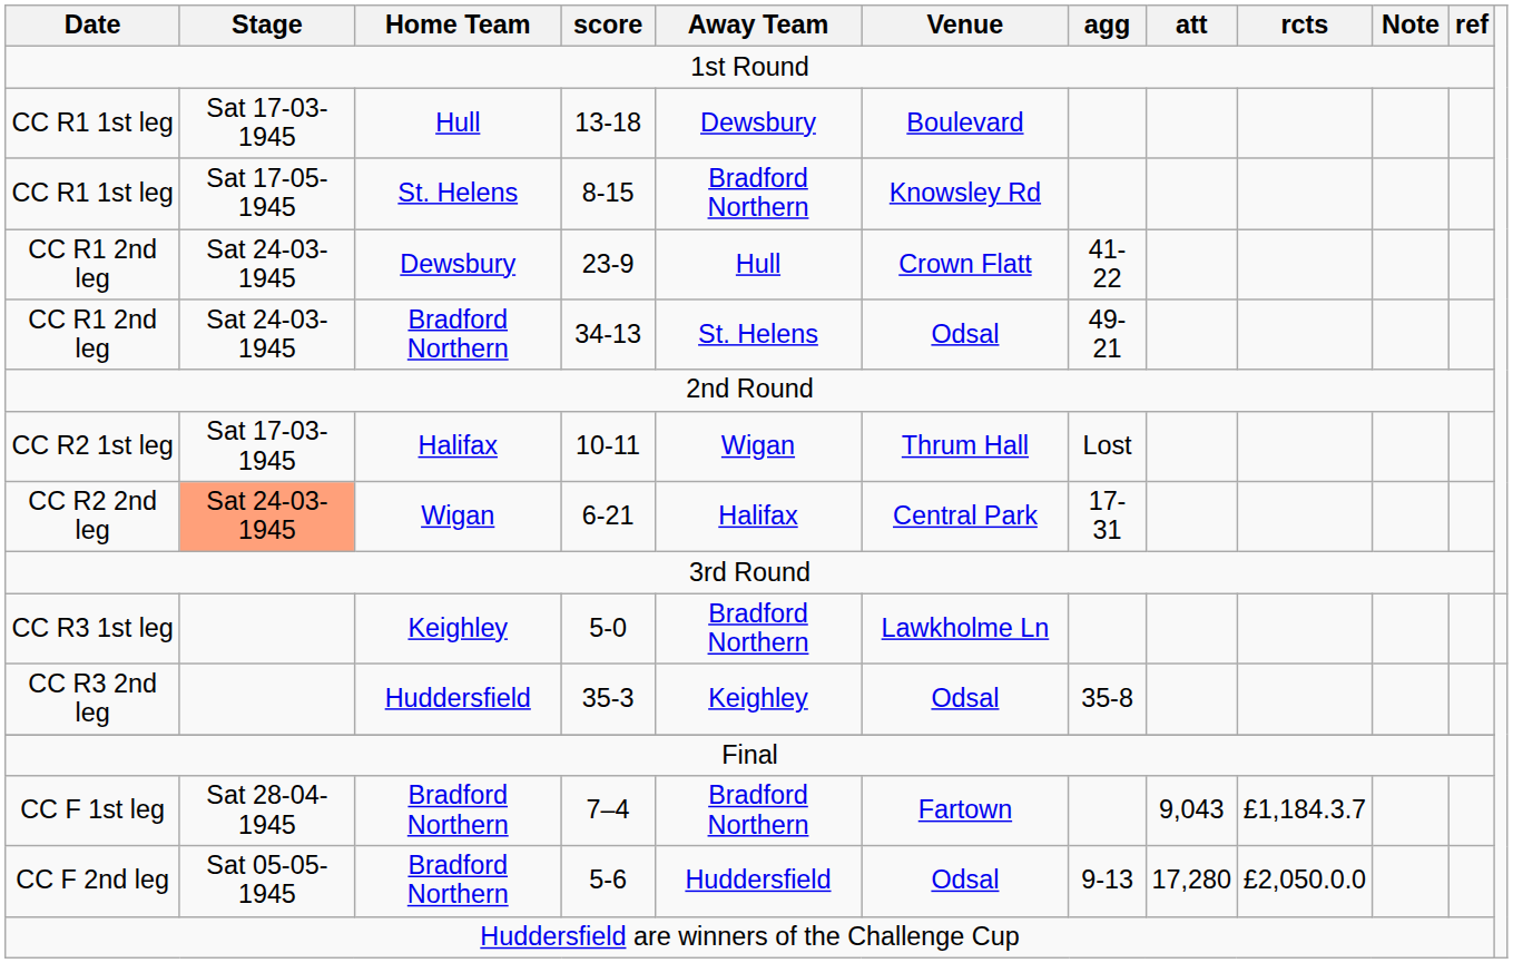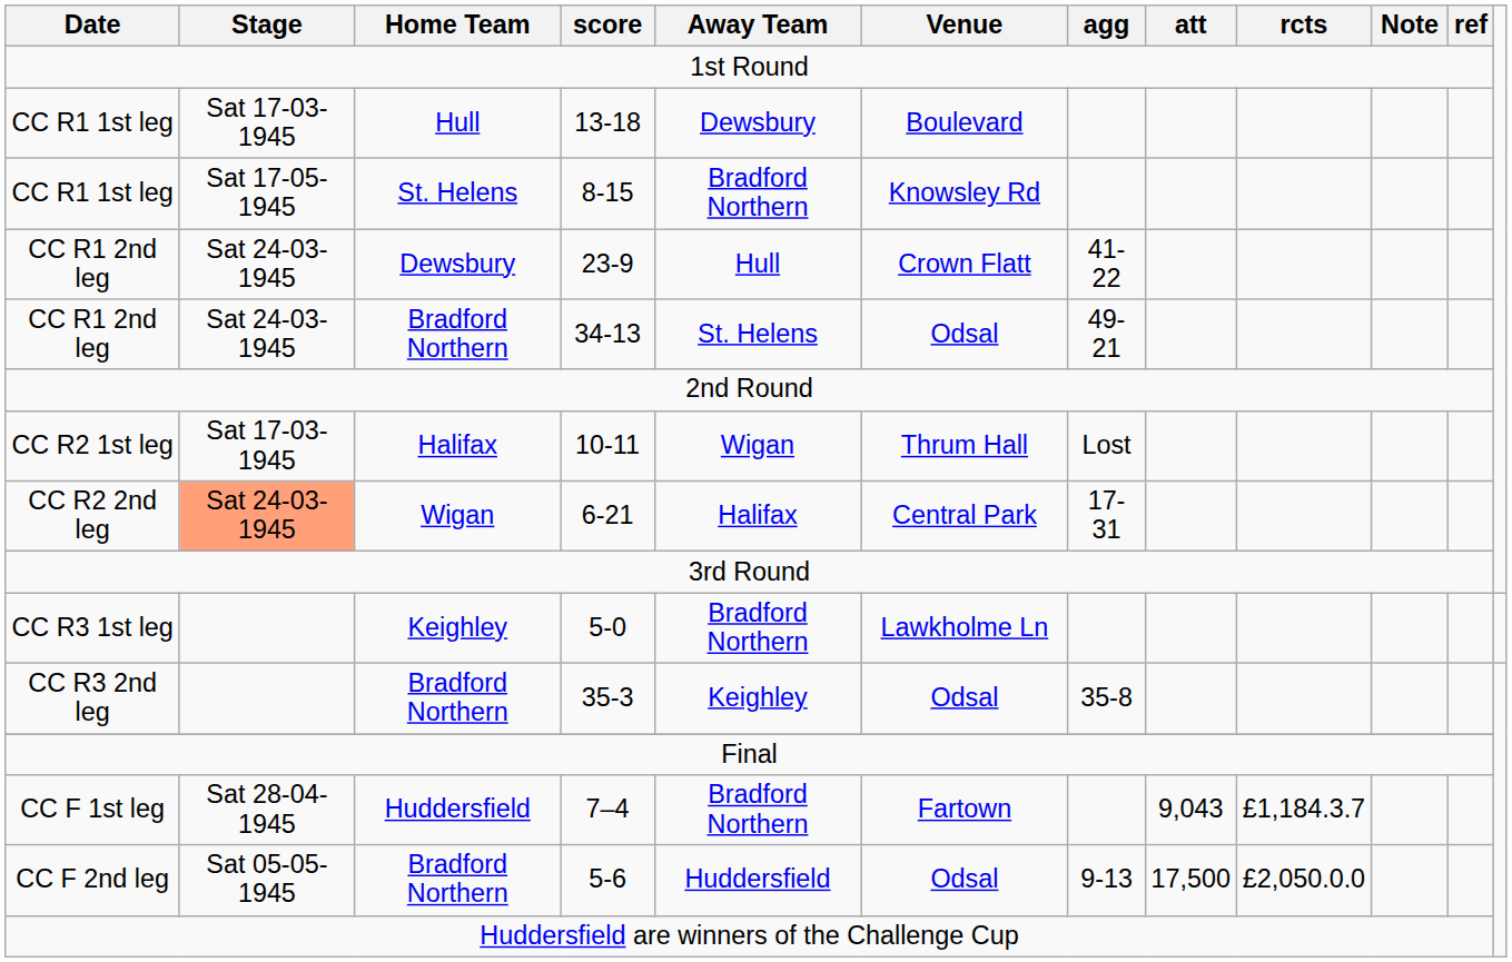 <table class="wikitable" style="text-align:center;">
 <tr>
 <th width=100 abbr="date">Date</th>
 <th width=100 abbr="stage">Stage</th>
 <th width=120 abbr="Home">Home Team</th>
 <th width=50 abbr="Won">score</th>
 <th width=120 abbr="Away”">Away Team</th>
 <th width=120 abbr="venue">Venue</th>
 <th width=40 abbr="agg score">agg</th>
 <th width=40 abbr="Attendance">att</th>
 <th width=30 abbr="Gate receipts">rcts</th>
 <th width=40 abbr="comments”">Note</th>
 <th width=20 abbr=”Reference”>ref</th>
 </tr>
 <tr>
 <td colspan=11 abbr="round">1st Round</td>
 </tr>
 <tr>
 <td>CC R1 1st leg</td>
 <td>Sat 17-03-1945</td>
 <td><a href='#'>Hull</a></td>
 <td>13-18</td>
 <td><a href='#'>Dewsbury</a></td>
 <td><a href='#'>Boulevard</a></td>
 <td></td>
 <td></td>
 <td></td>
 <td></td>
 <td></td>
 </tr>
 <tr>
 <td>CC R1 1st leg</td>
 <td>Sat 17-05-1945</td>
 <td><a href='#'>St. Helens</a></td>
 <td>8-15</td>
 <td><a href='#'>Bradford Northern</a></td>
 <td><a href='#'>Knowsley Rd</a></td>
 <td></td>
 <td></td>
 <td></td>
 <td></td>
 <td></td>
 </tr>
 <tr>
 <td>CC R1 2nd leg</td>
 <td>Sat 24-03-1945</td>
 <td><a href='#'>Dewsbury</a></td>
 <td>23-9</td>
 <td><a href='#'>Hull</a></td>
 <td><a href='#'>Crown Flatt</a></td>
 <td>41-22</td>
 <td></td>
 <td></td>
 <td></td>
 <td></td>
 </tr>
 <tr>
 <td>CC R1 2nd leg</td>
 <td>Sat 24-03-1945</td>
 <td><a href='#'>Bradford Northern</a></td>
 <td>34-13</td>
 <td><a href='#'>St. Helens</a></td>
 <td><a href='#'>Odsal</a></td>
 <td>49-21</td>
 <td></td>
 <td></td>
 <td></td>
 <td></td>
 </tr>
 <tr>
 <td colspan=11 abbr="round">2nd Round</td>
 </tr>
 <tr>
 <td>CC R2 1st leg</td>
 <td>Sat 17-03-1945</td>
 <td><a href='#'>Halifax</a></td>
 <td>10-11</td>
 <td><a href='#'>Wigan</a></td>
 <td><a href='#'>Thrum Hall</a></td>
 <td>Lost</td>
 <td></td>
 <td></td>
 <td></td>
 <td></td>
 </tr>
 <tr>
 <td>CC R2 2nd leg</td>
 <td style="background: lightsalmon;">Sat 24-03-1945</td>
 <td><a href='#'>Wigan</a></td>
 <td>6-21</td>
 <td><a href='#'>Halifax</a></td>
 <td><a href='#'>Central Park</a></td>
 <td>17-31</td>
 <td></td>
 <td></td>
 <td></td>
 <td></td>
 </tr>
 <tr>
 <td colspan=11 abbr="round">3rd Round</td>
 </tr>
 <tr>
 <td>CC R3 1st leg</td>
 <td></td>
 <td><a href='#'>Keighley</a></td>
 <td>5-0</td>
 <td><a href='#'>Bradford Northern</a></td>
 <td><a href='#'>Lawkholme Ln</a></td>
 <td></td>
 <td></td>
 <td></td>
 <td></td>
 <td></td>
 <td></td>
 </tr>
 <tr>
 <td>CC R3 2nd leg</td>
 <td></td>
-<td><a href='#'>Huddersfield</a></td>
+<td><a href='#'>Bradford Northern</a></td>
 <td>35-3</td>
 <td><a href='#'>Keighley</a></td>
 <td><a href='#'>Odsal</a></td>
 <td>35-8</td>
 <td></td>
 <td></td>
 <td></td>
 <td></td>
 </tr>
 <tr>
 </tr>
 <tr>
 <td colspan=11 abbr="round">Final</td>
 </tr>
 <tr>
 <td>CC F 1st leg</td>
 <td>Sat 28-04-1945</td>
-<td><a href='#'>Bradford Northern</a></td>
+<td><a href='#'>Huddersfield</a></td>
 <td>7–4</td>
 <td><a href='#'>Bradford Northern</a></td>
 <td><a href='#'>Fartown</a></td>
 <td></td>
 <td>9,043</td>
 <td>£1,184.3.7</td>
 <td></td>
 <td></td>
 </tr>
 <tr>
 <td>CC F 2nd leg</td>
 <td>Sat 05-05-1945</td>
 <td><a href='#'>Bradford Northern</a></td>
 <td>5-6</td>
 <td><a href='#'>Huddersfield</a></td>
 <td><a href='#'>Odsal</a></td>
 <td>9-13</td>
-<td>17,280</td>
+<td>17,500</td>
 <td>£2,050.0.0</td>
 <td></td>
 <td></td>
 </tr>
 <tr>
 <td colspan=11 abbr="nil"><a href='#'>Huddersfield</a> are winners of the Challenge Cup</td>
 </tr>
 </table>
